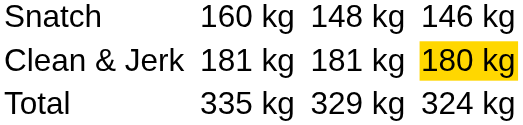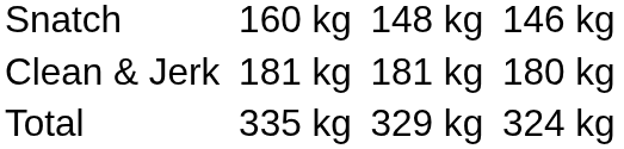 <table>
 <tr>
 <td>Snatch</td>
 <td></td>
 <td>160 kg</td>
 <td></td>
 <td>148 kg</td>
 <td></td>
 <td>146 kg</td>
 </tr>
 <tr>
 <td>Clean & Jerk</td>
 <td></td>
 <td>181 kg</td>
 <td></td>
 <td>181 kg</td>
 <td></td>
-<td style="background: gold;">180 kg</td>
+<td>180 kg</td>
 </tr>
 <tr>
 <td>Total</td>
 <td></td>
 <td>335 kg</td>
 <td></td>
 <td>329 kg</td>
 <td></td>
 <td>324 kg</td>
 </tr>
 </table>
